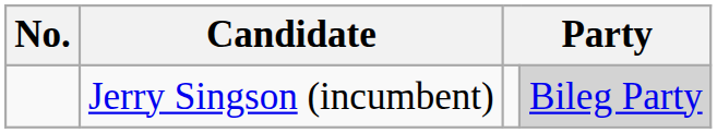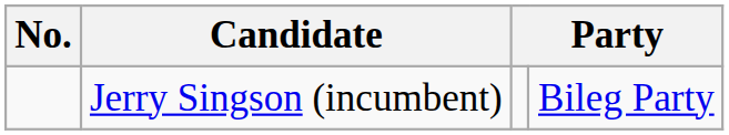 <table class="wikitable sortable" style="text-align:left;">
 <tr>
 <th>No.</th>
 <th>Candidate</th>
 <th colspan="2">Party</th>
 </tr>
 <tr>
 <td></td>
 <td><a href='#'>Jerry Singson</a> (incumbent)</td>
 <td></td>
-<td style="background: lightgrey;"><a href='#'>Bileg Party</a></td>
+<td><a href='#'>Bileg Party</a></td>
 </tr>
 </table>
